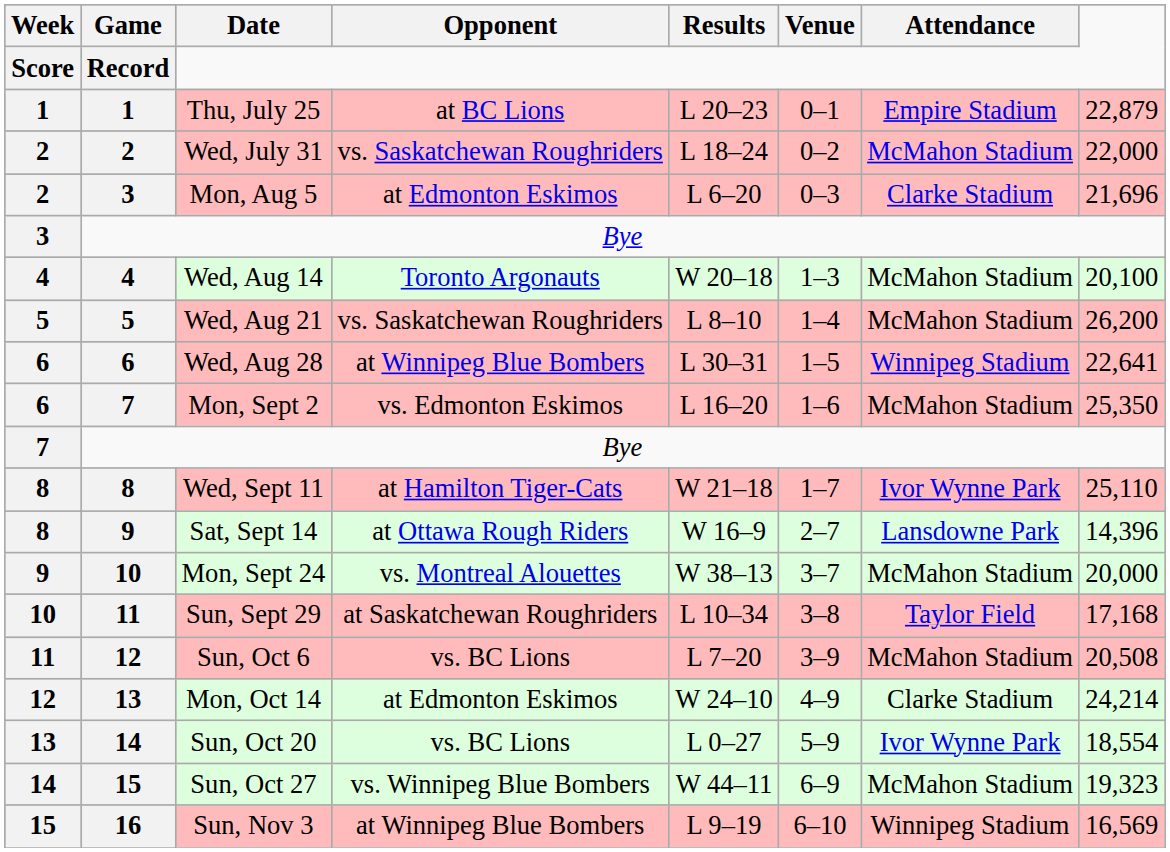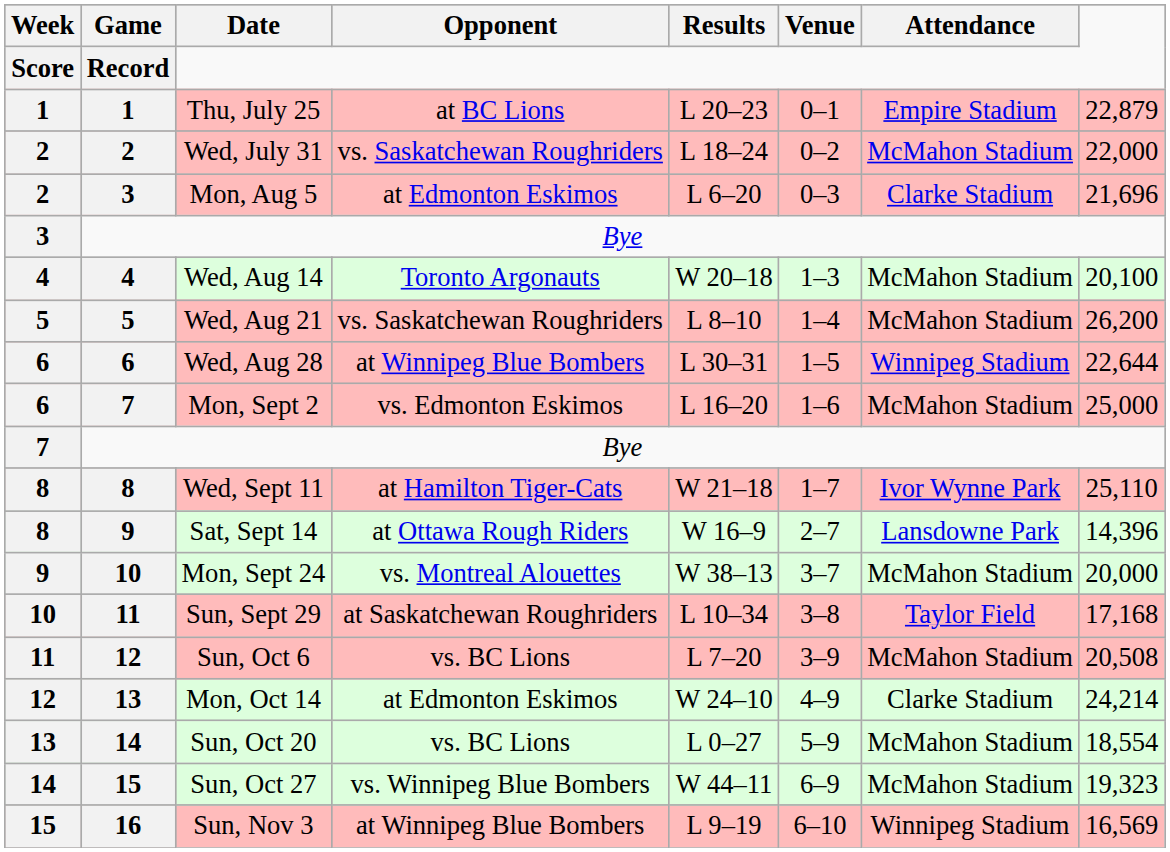 <table class="wikitable" style="text-align:center">
 <tr>
 <th>Week</th>
 <th>Game</th>
 <th>Date</th>
 <th>Opponent</th>
 <th>Results</th>
 <th>Venue</th>
 <th>Attendance</th>
 </tr>
 <tr>
 <th>Score</th>
 <th>Record</th>
 </tr>
 <tr style="background:#ffbbbb">
 <th>1</th>
 <th>1</th>
 <td>Thu, July 25</td>
 <td>at <a href='#'>BC Lions</a></td>
 <td>L 20–23</td>
 <td>0–1</td>
 <td><a href='#'>Empire Stadium</a></td>
 <td>22,879</td>
 </tr>
 <tr style="background:#ffbbbb">
 <th>2</th>
 <th>2</th>
 <td>Wed, July 31</td>
 <td>vs. <a href='#'>Saskatchewan Roughriders</a></td>
 <td>L 18–24</td>
 <td>0–2</td>
 <td><a href='#'>McMahon Stadium</a></td>
 <td>22,000</td>
 </tr>
 <tr style="background:#ffbbbb">
 <th>2</th>
 <th>3</th>
 <td>Mon, Aug 5</td>
 <td>at <a href='#'>Edmonton Eskimos</a></td>
 <td>L 6–20</td>
 <td>0–3</td>
 <td><a href='#'>Clarke Stadium</a></td>
 <td>21,696</td>
 </tr>
 <tr>
 <th>3</th>
 <td colspan=7><em><a href='#'>Bye</a></em></td>
 </tr>
 <tr style="background:#ddffdd">
 <th>4</th>
 <th>4</th>
 <td>Wed, Aug 14</td>
 <td><a href='#'>Toronto Argonauts</a></td>
 <td>W 20–18</td>
 <td>1–3</td>
 <td>McMahon Stadium</td>
 <td>20,100</td>
 </tr>
 <tr style="background:#ffbbbb">
 <th>5</th>
 <th>5</th>
 <td>Wed, Aug 21</td>
 <td>vs. Saskatchewan Roughriders</td>
 <td>L 8–10</td>
 <td>1–4</td>
 <td>McMahon Stadium</td>
 <td>26,200</td>
 </tr>
 <tr style="background:#ffbbbb">
 <th>6</th>
 <th>6</th>
 <td>Wed, Aug 28</td>
 <td>at <a href='#'>Winnipeg Blue Bombers</a></td>
 <td>L 30–31</td>
 <td>1–5</td>
 <td><a href='#'>Winnipeg Stadium</a></td>
-<td>22,641</td>
+<td>22,644</td>
 </tr>
 <tr style="background:#ffbbbb">
 <th>6</th>
 <th>7</th>
 <td>Mon, Sept 2</td>
 <td>vs. Edmonton Eskimos</td>
 <td>L 16–20</td>
 <td>1–6</td>
 <td>McMahon Stadium</td>
-<td>25,350</td>
+<td>25,000</td>
 </tr>
 <tr>
 <th>7</th>
 <td colspan=7><em>Bye</em></td>
 </tr>
 <tr style="background:#ffbbbb">
 <th>8</th>
 <th>8</th>
 <td>Wed, Sept 11</td>
 <td>at <a href='#'>Hamilton Tiger-Cats</a></td>
 <td>W 21–18</td>
 <td>1–7</td>
 <td><a href='#'>Ivor Wynne Park</a></td>
 <td>25,110</td>
 </tr>
 <tr style="background:#ddffdd">
 <th>8</th>
 <th>9</th>
 <td>Sat, Sept 14</td>
 <td>at <a href='#'>Ottawa Rough Riders</a></td>
 <td>W 16–9</td>
 <td>2–7</td>
 <td><a href='#'>Lansdowne Park</a></td>
 <td>14,396</td>
 </tr>
 <tr style="background:#ddffdd">
 <th>9</th>
 <th>10</th>
 <td>Mon, Sept 24</td>
 <td>vs. <a href='#'>Montreal Alouettes</a></td>
 <td>W 38–13</td>
 <td>3–7</td>
 <td>McMahon Stadium</td>
 <td>20,000</td>
 </tr>
 <tr style="background:#ffbbbb">
 <th>10</th>
 <th>11</th>
 <td>Sun, Sept 29</td>
 <td>at Saskatchewan Roughriders</td>
 <td>L 10–34</td>
 <td>3–8</td>
 <td><a href='#'>Taylor Field</a></td>
 <td>17,168</td>
 </tr>
 <tr style="background:#ffbbbb">
 <th>11</th>
 <th>12</th>
 <td>Sun, Oct 6</td>
 <td>vs. BC Lions</td>
 <td>L 7–20</td>
 <td>3–9</td>
 <td>McMahon Stadium</td>
 <td>20,508</td>
 </tr>
 <tr style="background:#ddffdd">
 <th>12</th>
 <th>13</th>
 <td>Mon, Oct 14</td>
 <td>at Edmonton Eskimos</td>
 <td>W 24–10</td>
 <td>4–9</td>
 <td>Clarke Stadium</td>
 <td>24,214</td>
 </tr>
 <tr style="background:#ddffdd">
 <th>13</th>
 <th>14</th>
 <td>Sun, Oct 20</td>
 <td>vs. BC Lions</td>
 <td>L 0–27</td>
 <td>5–9</td>
-<td><a href='#'>Ivor Wynne Park</a></td>
+<td>McMahon Stadium</td>
 <td>18,554</td>
 </tr>
 <tr style="background:#ddffdd">
 <th>14</th>
 <th>15</th>
 <td>Sun, Oct 27</td>
 <td>vs. Winnipeg Blue Bombers</td>
 <td>W 44–11</td>
 <td>6–9</td>
 <td>McMahon Stadium</td>
 <td>19,323</td>
 </tr>
 <tr style="background:#ffbbbb">
 <th>15</th>
 <th>16</th>
 <td>Sun, Nov 3</td>
 <td>at Winnipeg Blue Bombers</td>
 <td>L 9–19</td>
 <td>6–10</td>
 <td>Winnipeg Stadium</td>
 <td>16,569</td>
 </tr>
 </table>
